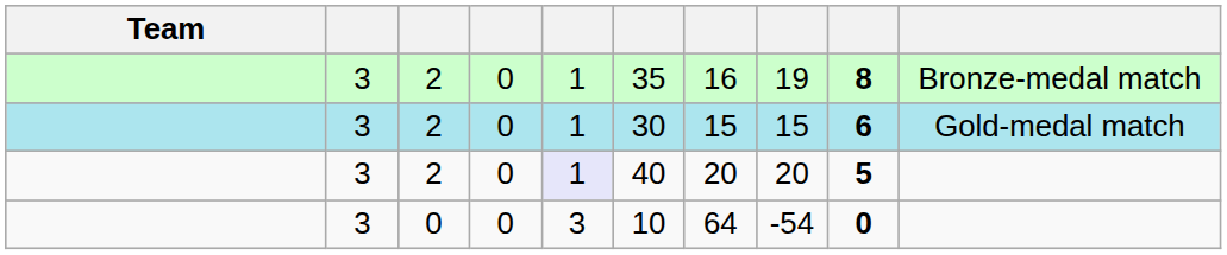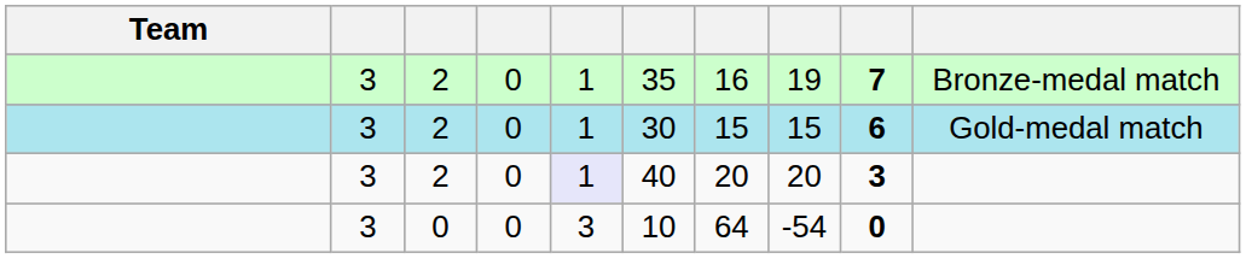 <table class="wikitable" style="text-align:center;">
 <tr>
 <th width=160>Team</th>
 <th width=30></th>
 <th width=30></th>
 <th width=30></th>
 <th width=30></th>
 <th width=30></th>
 <th width=30></th>
 <th width=30></th>
 <th width=30></th>
 <th width=160></th>
 </tr>
 <tr style="background-color:#ccffcc">
 <td style="text-align:left;"></td>
 <td>3</td>
 <td>2</td>
 <td>0</td>
 <td>1</td>
 <td>35</td>
 <td>16</td>
 <td>19</td>
-<td><strong>8</strong></td>
+<td><strong>7</strong></td>
 <td>Bronze-medal match</td>
 </tr>
 <tr style="background-color:#ACE5EE">
 <td style="text-align:left;"></td>
 <td>3</td>
 <td>2</td>
 <td>0</td>
 <td>1</td>
 <td>30</td>
 <td>15</td>
 <td>15</td>
 <td><strong>6</strong></td>
 <td>Gold-medal match</td>
 </tr>
 <tr>
 <td style="text-align:left;"></td>
 <td>3</td>
 <td>2</td>
 <td>0</td>
 <td style="background: lavender;">1</td>
 <td>40</td>
 <td>20</td>
 <td>20</td>
-<td><strong>5</strong></td>
+<td><strong>3</strong></td>
 <td></td>
 </tr>
 <tr>
 <td style="text-align:left;"></td>
 <td>3</td>
 <td>0</td>
 <td>0</td>
 <td>3</td>
 <td>10</td>
 <td>64</td>
 <td>-54</td>
 <td><strong>0</strong></td>
 <td></td>
 </tr>
 </table>
